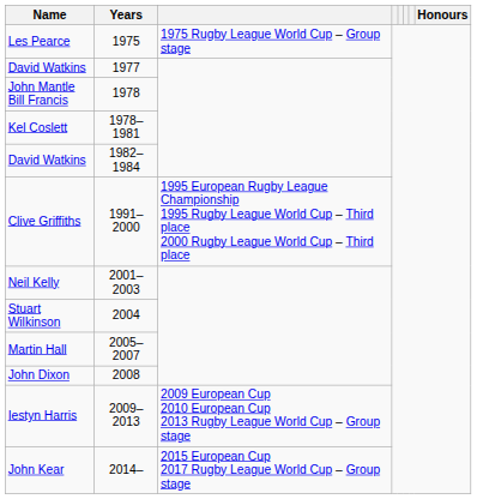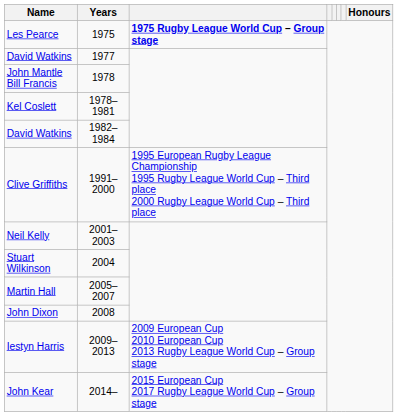 <table class="wikitable">
 <tr>
 <th>Name</th>
 <th>Years</th>
 <th></th>
 <th></th>
 <th></th>
 <th></th>
 <th></th>
 <th>Honours</th>
 </tr>
 <tr>
 <td> <a href='#'>Les Pearce</a></td>
 <td align=center>1975<br></td>
-<td><a href='#'>1975 Rugby League World Cup</a> – <a href='#'>Group stage</a></td>
+<td><strong><a href='#'>1975 Rugby League World Cup</a> – <a href='#'>Group stage</a></strong></td>
 </tr>
 <tr>
 <td> <a href='#'>David Watkins</a></td>
 <td align=center>1977<br></td>
 <td rowspan="4"></td>
 </tr>
 <tr>
 <td> <a href='#'>John Mantle</a><br> <a href='#'>Bill Francis</a></td>
 <td align=center>1978<br></td>
 </tr>
 <tr>
 <td> <a href='#'>Kel Coslett</a></td>
 <td align=center>1978–1981<br></td>
 </tr>
 <tr>
 <td> <a href='#'>David Watkins</a></td>
 <td align=center>1982–1984<br></td>
 </tr>
 <tr>
 <td> <a href='#'>Clive Griffiths</a></td>
 <td align=center>1991–2000<br></td>
 <td><a href='#'>1995 European Rugby League Championship</a><br><a href='#'>1995 Rugby League World Cup</a> – <a href='#'>Third place</a><br><a href='#'>2000 Rugby League World Cup</a> – <a href='#'>Third place</a></td>
 </tr>
 <tr>
 <td> <a href='#'>Neil Kelly</a></td>
 <td align=center>2001–2003<br></td>
 <td rowspan="4"></td>
 </tr>
 <tr>
 <td> <a href='#'>Stuart Wilkinson</a></td>
 <td align=center>2004<br></td>
 </tr>
 <tr>
 <td> <a href='#'>Martin Hall</a></td>
 <td align=center>2005–2007<br></td>
 </tr>
 <tr>
 <td> <a href='#'>John Dixon</a></td>
 <td align=center>2008<br></td>
 </tr>
 <tr>
 <td> <a href='#'>Iestyn Harris</a></td>
 <td align=center>2009–2013<br></td>
 <td><a href='#'>2009 European Cup</a><br><a href='#'>2010 European Cup</a><br><a href='#'>2013 Rugby League World Cup</a> – <a href='#'>Group stage</a></td>
 </tr>
 <tr>
 <td> <a href='#'>John Kear</a></td>
 <td align=center>2014–<br></td>
 <td><a href='#'>2015 European Cup</a><br><a href='#'>2017 Rugby League World Cup</a> – <a href='#'>Group stage</a></td>
 </tr>
 </table>
